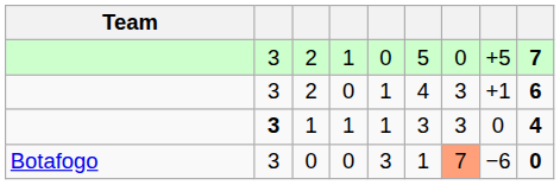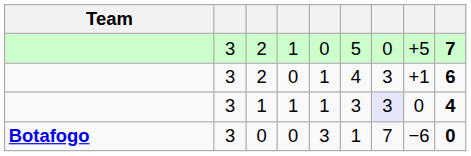 <table class="wikitable" style="text-align:center;">
 <tr>
 <th width=175>Team</th>
 <th width=20></th>
 <th width=20></th>
 <th width=20></th>
 <th width=20></th>
 <th width=20></th>
 <th width=20></th>
 <th width=20></th>
 <th width=20></th>
 </tr>
 <tr bgcolor=ccffcc>
 <td align="left"></td>
 <td>3</td>
 <td>2</td>
 <td>1</td>
 <td>0</td>
 <td>5</td>
 <td>0</td>
 <td>+5</td>
 <td><strong>7</strong></td>
 </tr>
 <tr>
 <td align="left"></td>
 <td>3</td>
 <td>2</td>
 <td>0</td>
 <td>1</td>
 <td>4</td>
 <td>3</td>
 <td>+1</td>
 <td><strong>6</strong></td>
 </tr>
 <tr>
 <td align="left"></td>
-<td><strong>3</strong></td>
+<td>3</td>
 <td>1</td>
 <td>1</td>
 <td>1</td>
 <td>3</td>
-<td>3</td>
+<td style="background: lavender;">3</td>
 <td>0</td>
 <td><strong>4</strong></td>
 </tr>
 <tr>
-<td align="left"> <a href='#'>Botafogo</a></td>
+<td align="left"><strong> <a href='#'>Botafogo</a></strong></td>
 <td>3</td>
 <td>0</td>
 <td>0</td>
 <td>3</td>
 <td>1</td>
-<td style="background: lightsalmon;">7</td>
+<td>7</td>
 <td>−6</td>
 <td><strong>0</strong></td>
 </tr>
 </table>
